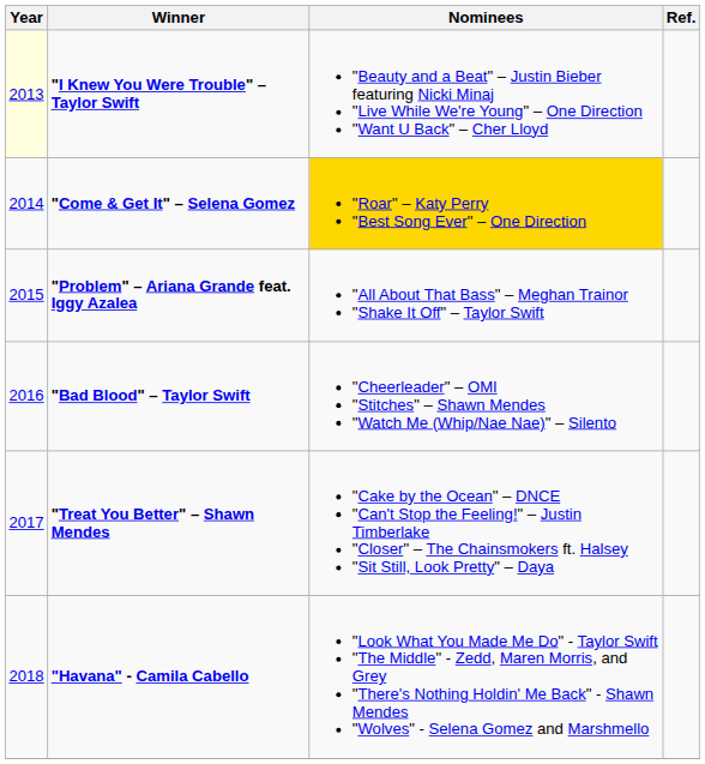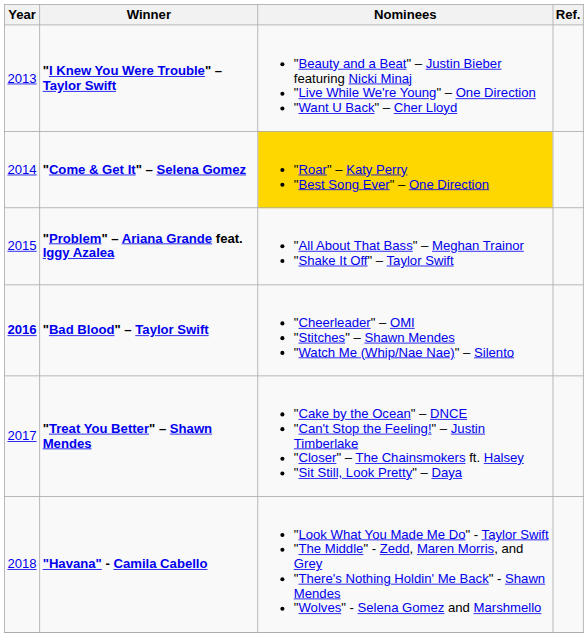 <table class="wikitable" width=80%>
 <tr>
 <th>Year</th>
 <th>Winner</th>
 <th>Nominees</th>
 <th>Ref.</th>
 </tr>
 <tr>
-<td align="center" style="background: lightyellow;"><a href='#'>2013</a></td>
+<td align="center"><a href='#'>2013</a></td>
 <td><strong>"<a href='#'>I Knew You Were Trouble</a>" – <a href='#'>Taylor Swift</a></strong></td>
 <td><br><ul><li>"<a href='#'>Beauty and a Beat</a>" – <a href='#'>Justin Bieber</a> featuring <a href='#'>Nicki Minaj</a></li><li>"<a href='#'>Live While We're Young</a>" – <a href='#'>One Direction</a></li><li>"<a href='#'>Want U Back</a>" – <a href='#'>Cher Lloyd</a></li></ul></td>
 <td align="center"></td>
 </tr>
 <tr>
 <td align="center"><a href='#'>2014</a></td>
 <td><strong>"<a href='#'>Come & Get It</a>" – <a href='#'>Selena Gomez</a></strong></td>
 <td style="background: gold;"><br><ul><li>"<a href='#'>Roar</a>" – <a href='#'>Katy Perry</a></li><li>"<a href='#'>Best Song Ever</a>" – <a href='#'>One Direction</a></li></ul></td>
 <td align="center"></td>
 </tr>
 <tr>
 <td align="center"><a href='#'>2015</a></td>
 <td><strong>"<a href='#'>Problem</a>" – <a href='#'>Ariana Grande</a> feat. <a href='#'>Iggy Azalea</a></strong></td>
 <td><br><ul><li>"<a href='#'>All About That Bass</a>" – <a href='#'>Meghan Trainor</a></li><li>"<a href='#'>Shake It Off</a>" – <a href='#'>Taylor Swift</a></li></ul></td>
 <td align="center"></td>
 </tr>
 <tr>
-<td align="center"><a href='#'>2016</a></td>
+<td align="center"><strong><a href='#'>2016</a></strong></td>
 <td><strong>"<a href='#'>Bad Blood</a>" – <a href='#'>Taylor Swift</a></strong></td>
 <td><br><ul><li>"<a href='#'>Cheerleader</a>" – <a href='#'>OMI</a></li><li>"<a href='#'>Stitches</a>" – <a href='#'>Shawn Mendes</a></li><li>"<a href='#'>Watch Me (Whip/Nae Nae)</a>" – <a href='#'>Silento</a></li></ul></td>
 <td align="center"></td>
 </tr>
 <tr>
 <td align="center"><a href='#'>2017</a></td>
 <td><strong>"<a href='#'>Treat You Better</a>" – <a href='#'>Shawn Mendes</a></strong></td>
 <td><br><ul><li>"<a href='#'>Cake by the Ocean</a>" – <a href='#'>DNCE</a></li><li>"<a href='#'>Can't Stop the Feeling!</a>" – <a href='#'>Justin Timberlake</a></li><li>"<a href='#'>Closer</a>" – <a href='#'>The Chainsmokers</a> ft. <a href='#'>Halsey</a></li><li>"<a href='#'>Sit Still, Look Pretty</a>" – <a href='#'>Daya</a></li></ul></td>
 <td></td>
 </tr>
 <tr>
 <td align="center"><a href='#'>2018</a></td>
 <td><strong><a href='#'>"Havana"</a> - <a href='#'>Camila Cabello</a></strong></td>
 <td><br><ul><li>"<a href='#'>Look What You Made Me Do</a>" - <a href='#'>Taylor Swift</a></li><li>"<a href='#'>The Middle</a>" - <a href='#'>Zedd</a>, <a href='#'>Maren Morris</a>, and <a href='#'>Grey</a></li><li>"<a href='#'>There's Nothing Holdin' Me Back</a>" - <a href='#'>Shawn Mendes</a></li><li>"<a href='#'>Wolves</a>" - <a href='#'>Selena Gomez</a> and <a href='#'>Marshmello</a></li></ul></td>
 <td></td>
 </tr>
 <tr>
 </tr>
 </table>
